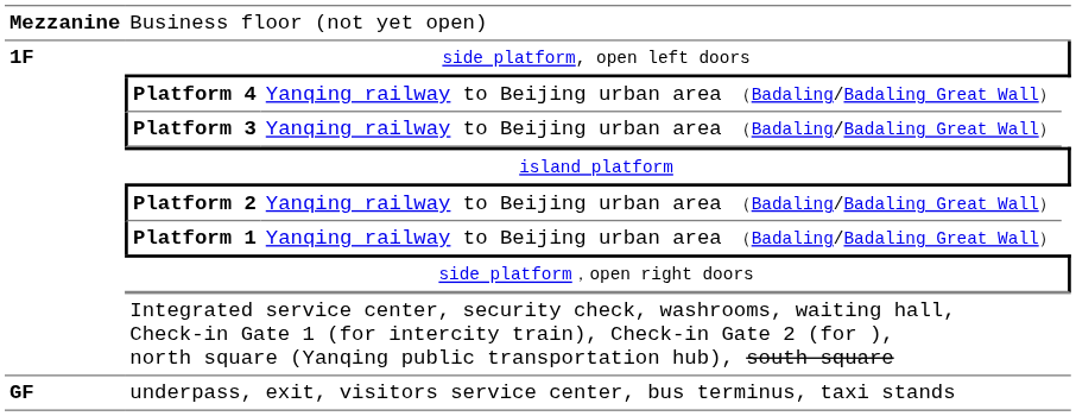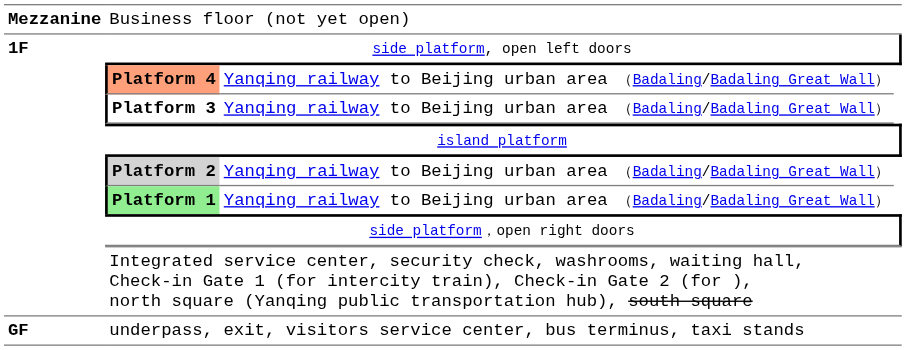 <table table border=0 cellspacing=0 cellpadding=3>
 <tr>
 <td style="border-top:solid 1px gray;border-bottom:solid 1px gray" width=70><strong>Mezzanine</strong></td>
 <td style="border-top:solid 1px gray;border-bottom:solid 1px gray;" colspan=3>Business floor (not yet open)</td>
 </tr>
 <tr>
 <td style="" rowspan=7 valign=top><strong>1F</strong></td>
 <td style="border-right:solid 2px black;border-bottom:solid 2px black; text-align: center;" colspan=3><small><a href='#'>side platform</a>, open left doors</small></td>
 </tr>
 <tr>
-<td style="border-left:solid 2px black;border-bottom:solid 1px gray;"><strong>Platform 4</strong></td>
+<td style="background: lightsalmon; border-left:solid 2px black;border-bottom:solid 1px gray;"><strong>Platform 4</strong></td>
 <td style="border-bottom:solid 1px gray;"><a href='#'>Yanqing railway</a> to Beijing urban area <small>（<a href='#'>Badaling</a>/<a href='#'>Badaling Great Wall</a>）</small></td>
 <td></td>
 </tr>
 <tr>
 <td style="border-left:solid 2px black;border-bottom:solid 1px gray;"><strong>Platform 3</strong></td>
 <td style="border-bottom:solid 1px gray;"><a href='#'>Yanqing railway</a> to Beijing urban area <small>（<a href='#'>Badaling</a>/<a href='#'>Badaling Great Wall</a>）</small></td>
 <td></td>
 </tr>
 <tr>
 <td style="border-right:solid 2px black;border-top:solid 2px black;border-bottom:solid 2px black;text-align:center;" colspan=3><small><a href='#'>island platform</a></small></td>
 </tr>
 <tr>
-<td style="border-left:solid 2px black;border-bottom:solid 1px gray;"><strong>Platform 2</strong></td>
+<td style="background: lightgrey; border-left:solid 2px black;border-bottom:solid 1px gray;"><strong>Platform 2</strong></td>
 <td style="border-bottom:solid 1px gray;"><a href='#'>Yanqing railway</a> to Beijing urban area <small>（<a href='#'>Badaling</a>/<a href='#'>Badaling Great Wall</a>）</small></td>
 </tr>
 <tr>
-<td style="border-left:solid 2px black;"><strong>Platform 1</strong></td>
+<td style="background: lightgreen; border-left:solid 2px black;"><strong>Platform 1</strong></td>
 <td><a href='#'>Yanqing railway</a> to Beijing urban area <small>（<a href='#'>Badaling</a>/<a href='#'>Badaling Great Wall</a>）</small></td>
 </tr>
 <tr>
 <td style="border-right:solid 2px black;border-top:solid 2px black;border-bottom:solid 1px gray;text-align:center;" colspan=3><small><a href='#'>side platform</a>，open right doors</small></td>
 </tr>
 <tr>
 <td style="border-bottom:solid 1px gray;" width=70></td>
 <td style="border-top:solid 1px gray;border-bottom:solid 1px gray;" colspan=3>Integrated service center, security check, washrooms, waiting hall,<br> Check-in Gate 1 (for intercity train), Check-in Gate 2 (for  ), <br> north square (Yanqing public transportation hub), <s>south square</s></td>
 </tr>
 <tr>
 <td style="border-bottom:solid 1px gray;" width=70><strong>GF</strong></td>
 <td style="border-bottom:solid 1px gray;" colspan=3>underpass, exit, visitors service center, bus terminus, taxi stands</td>
 </tr>
 </table>
